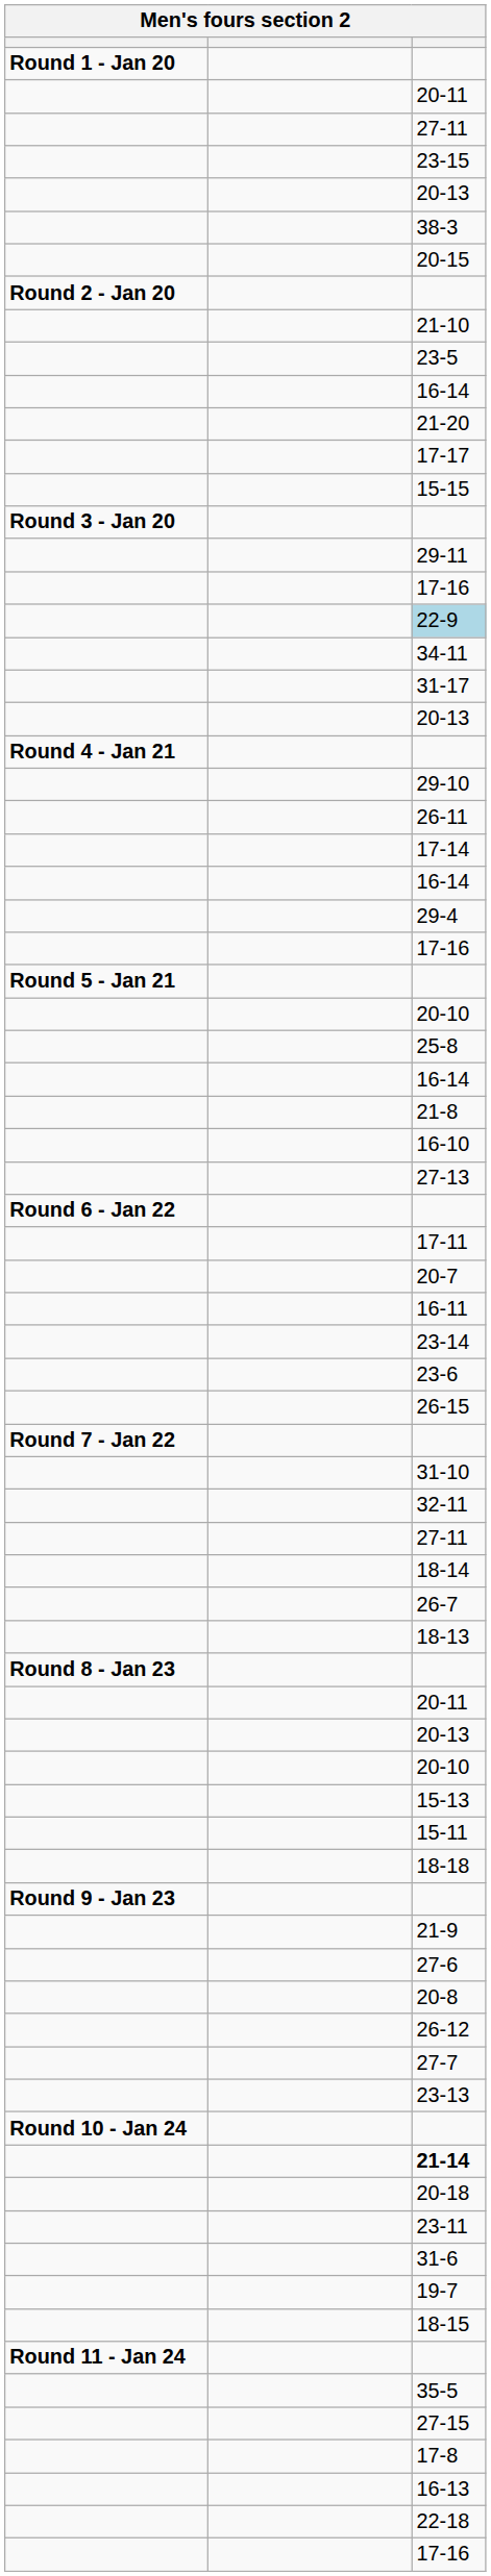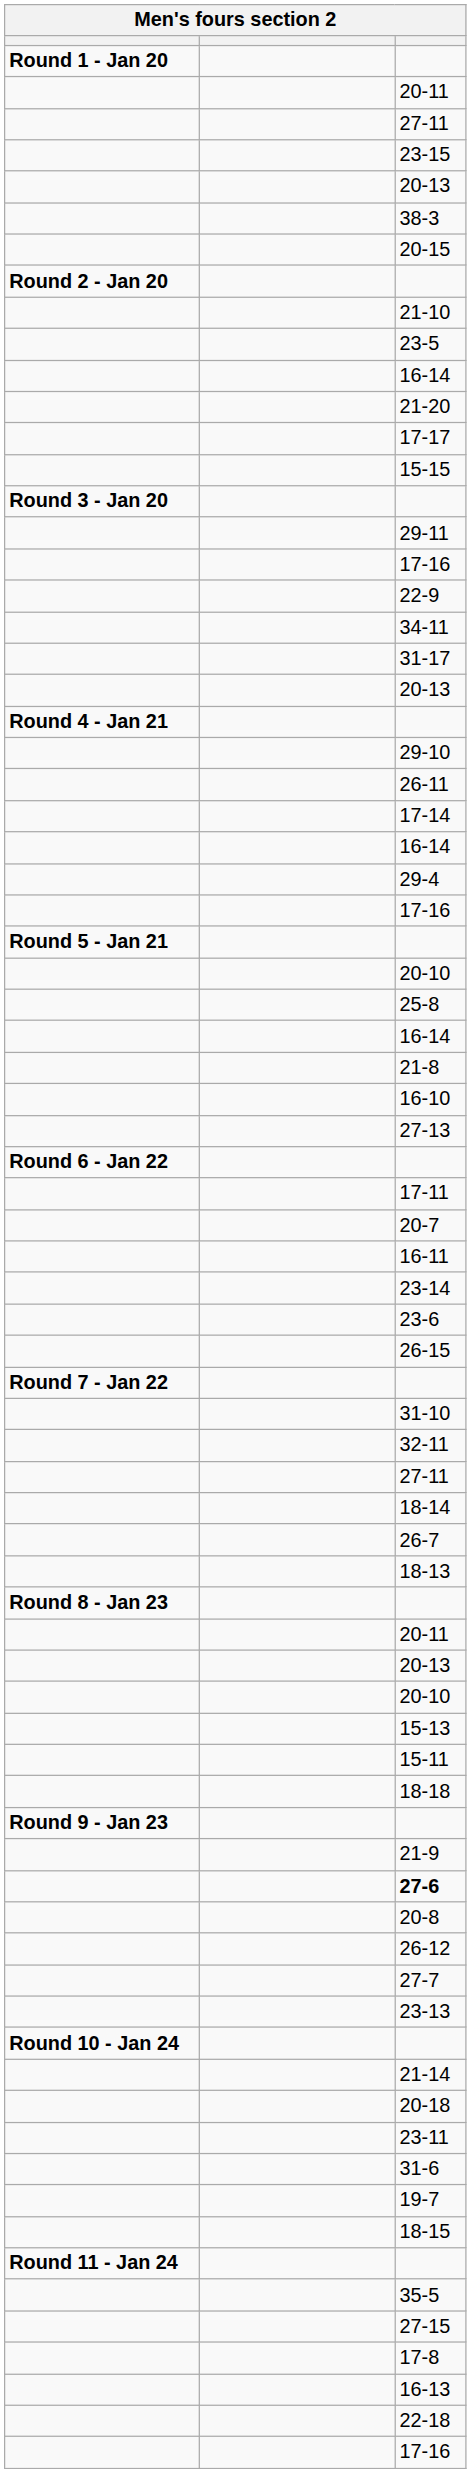 <table class="wikitable">
 <tr>
 <th colspan="3">Men's fours section 2</th>
 </tr>
 <tr>
 <th width=150></th>
 <th width=150></th>
 <th width=50></th>
 </tr>
 <tr>
 <td><strong>Round 1 - Jan 20</strong></td>
 <td></td>
 <td></td>
 </tr>
 <tr>
 <td></td>
 <td></td>
 <td>20-11</td>
 </tr>
 <tr>
 <td></td>
 <td></td>
 <td>27-11</td>
 </tr>
 <tr>
 <td></td>
 <td></td>
 <td>23-15</td>
 </tr>
 <tr>
 <td></td>
 <td></td>
 <td>20-13</td>
 </tr>
 <tr>
 <td></td>
 <td></td>
 <td>38-3</td>
 </tr>
 <tr>
 <td></td>
 <td></td>
 <td>20-15</td>
 </tr>
 <tr>
 <td><strong>Round 2 - Jan 20</strong></td>
 <td></td>
 <td></td>
 </tr>
 <tr>
 <td></td>
 <td></td>
 <td>21-10</td>
 </tr>
 <tr>
 <td></td>
 <td></td>
 <td>23-5</td>
 </tr>
 <tr>
 <td></td>
 <td></td>
 <td>16-14</td>
 </tr>
 <tr>
 <td></td>
 <td></td>
 <td>21-20</td>
 </tr>
 <tr>
 <td></td>
 <td></td>
 <td>17-17</td>
 </tr>
 <tr>
 <td></td>
 <td></td>
 <td>15-15</td>
 </tr>
 <tr>
 <td><strong>Round 3 - Jan 20</strong></td>
 <td></td>
 <td></td>
 </tr>
 <tr>
 <td></td>
 <td></td>
 <td>29-11</td>
 </tr>
 <tr>
 <td></td>
 <td></td>
 <td>17-16</td>
 </tr>
 <tr>
 <td></td>
 <td></td>
-<td style="background: lightblue;">22-9</td>
+<td>22-9</td>
 </tr>
 <tr>
 <td></td>
 <td></td>
 <td>34-11</td>
 </tr>
 <tr>
 <td></td>
 <td></td>
 <td>31-17</td>
 </tr>
 <tr>
 <td></td>
 <td></td>
 <td>20-13</td>
 </tr>
 <tr>
 <td><strong>Round 4 - Jan 21</strong></td>
 <td></td>
 <td></td>
 </tr>
 <tr>
 <td></td>
 <td></td>
 <td>29-10</td>
 </tr>
 <tr>
 <td></td>
 <td></td>
 <td>26-11</td>
 </tr>
 <tr>
 <td></td>
 <td></td>
 <td>17-14</td>
 </tr>
 <tr>
 <td></td>
 <td></td>
 <td>16-14</td>
 </tr>
 <tr>
 <td></td>
 <td></td>
 <td>29-4</td>
 </tr>
 <tr>
 <td></td>
 <td></td>
 <td>17-16</td>
 </tr>
 <tr>
 <td><strong>Round 5 - Jan 21</strong></td>
 <td></td>
 <td></td>
 </tr>
 <tr>
 <td></td>
 <td></td>
 <td>20-10</td>
 </tr>
 <tr>
 <td></td>
 <td></td>
 <td>25-8</td>
 </tr>
 <tr>
 <td></td>
 <td></td>
 <td>16-14</td>
 </tr>
 <tr>
 <td></td>
 <td></td>
 <td>21-8</td>
 </tr>
 <tr>
 <td></td>
 <td></td>
 <td>16-10</td>
 </tr>
 <tr>
 <td></td>
 <td></td>
 <td>27-13</td>
 </tr>
 <tr>
 <td><strong>Round 6  - Jan 22</strong></td>
 <td></td>
 <td></td>
 </tr>
 <tr>
 <td></td>
 <td></td>
 <td>17-11</td>
 </tr>
 <tr>
 <td></td>
 <td></td>
 <td>20-7</td>
 </tr>
 <tr>
 <td></td>
 <td></td>
 <td>16-11</td>
 </tr>
 <tr>
 <td></td>
 <td></td>
 <td>23-14</td>
 </tr>
 <tr>
 <td></td>
 <td></td>
 <td>23-6</td>
 </tr>
 <tr>
 <td></td>
 <td></td>
 <td>26-15</td>
 </tr>
 <tr>
 <td><strong>Round 7 - Jan 22</strong></td>
 <td></td>
 <td></td>
 </tr>
 <tr>
 <td></td>
 <td></td>
 <td>31-10</td>
 </tr>
 <tr>
 <td></td>
 <td></td>
 <td>32-11</td>
 </tr>
 <tr>
 <td></td>
 <td></td>
 <td>27-11</td>
 </tr>
 <tr>
 <td></td>
 <td></td>
 <td>18-14</td>
 </tr>
 <tr>
 <td></td>
 <td></td>
 <td>26-7</td>
 </tr>
 <tr>
 <td></td>
 <td></td>
 <td>18-13</td>
 </tr>
 <tr>
 <td><strong>Round 8 - Jan 23</strong></td>
 <td></td>
 <td></td>
 </tr>
 <tr>
 <td></td>
 <td></td>
 <td>20-11</td>
 </tr>
 <tr>
 <td></td>
 <td></td>
 <td>20-13</td>
 </tr>
 <tr>
 <td></td>
 <td></td>
 <td>20-10</td>
 </tr>
 <tr>
 <td></td>
 <td></td>
 <td>15-13</td>
 </tr>
 <tr>
 <td></td>
 <td></td>
 <td>15-11</td>
 </tr>
 <tr>
 <td></td>
 <td></td>
 <td>18-18</td>
 </tr>
 <tr>
 <td><strong>Round 9 - Jan 23</strong></td>
 <td></td>
 <td></td>
 </tr>
 <tr>
 <td></td>
 <td></td>
 <td>21-9</td>
 </tr>
 <tr>
 <td></td>
 <td></td>
-<td>27-6</td>
+<td><strong>27-6</strong></td>
 </tr>
 <tr>
 <td></td>
 <td></td>
 <td>20-8</td>
 </tr>
 <tr>
 <td></td>
 <td></td>
 <td>26-12</td>
 </tr>
 <tr>
 <td></td>
 <td></td>
 <td>27-7</td>
 </tr>
 <tr>
 <td></td>
 <td></td>
 <td>23-13</td>
 </tr>
 <tr>
 <td><strong>Round 10 - Jan 24</strong></td>
 <td></td>
 <td></td>
 </tr>
 <tr>
 <td></td>
 <td></td>
-<td><strong>21-14</strong></td>
+<td>21-14</td>
 </tr>
 <tr>
 <td></td>
 <td></td>
 <td>20-18</td>
 </tr>
 <tr>
 <td></td>
 <td></td>
 <td>23-11</td>
 </tr>
 <tr>
 <td></td>
 <td></td>
 <td>31-6</td>
 </tr>
 <tr>
 <td></td>
 <td></td>
 <td>19-7</td>
 </tr>
 <tr>
 <td></td>
 <td></td>
 <td>18-15</td>
 </tr>
 <tr>
 <td><strong>Round 11 - Jan 24</strong></td>
 <td></td>
 <td></td>
 </tr>
 <tr>
 <td></td>
 <td></td>
 <td>35-5</td>
 </tr>
 <tr>
 <td></td>
 <td></td>
 <td>27-15</td>
 </tr>
 <tr>
 <td></td>
 <td></td>
 <td>17-8</td>
 </tr>
 <tr>
 <td></td>
 <td></td>
 <td>16-13</td>
 </tr>
 <tr>
 <td></td>
 <td></td>
 <td>22-18</td>
 </tr>
 <tr>
 <td></td>
 <td></td>
 <td>17-16</td>
 </tr>
 </table>
